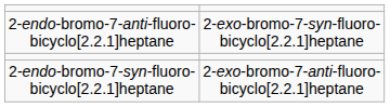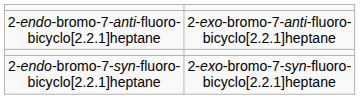 <table class="wikitable float-right skin-invert-image" style="text-align:center">
 <tr>
 <td></td>
 <td></td>
 </tr>
 <tr>
 <td>2-<em>endo</em>-bromo-7-<em>anti</em>-fluoro-<br>bicyclo[2.2.1]heptane</td>
-<td>2-<em>exo</em>-bromo-7-<em>syn</em>-fluoro-<br>bicyclo[2.2.1]heptane</td>
+<td>2-<em>exo</em>-bromo-7-<em>anti</em>-fluoro-<br>bicyclo[2.2.1]heptane</td>
 </tr>
 <tr>
 <td></td>
 <td></td>
 </tr>
 <tr>
 <td>2-<em>endo</em>-bromo-7-<em>syn</em>-fluoro-<br>bicyclo[2.2.1]heptane</td>
-<td>2-<em>exo</em>-bromo-7-<em>anti</em>-fluoro-<br>bicyclo[2.2.1]heptane</td>
+<td>2-<em>exo</em>-bromo-7-<em>syn</em>-fluoro-<br>bicyclo[2.2.1]heptane</td>
 </tr>
 </table>
